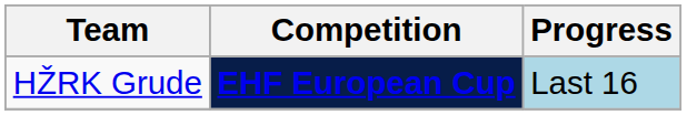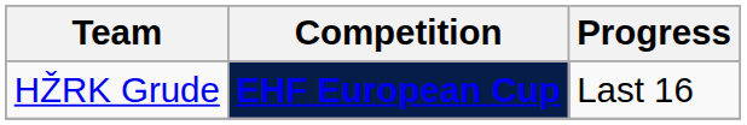 <table class="wikitable sortable">
 <tr>
 <th>Team</th>
 <th>Competition</th>
 <th>Progress</th>
 </tr>
 <tr>
 <td><a href='#'>HŽRK Grude</a></td>
 <td style="background-color:#071D49;color:#D0D3D4;text-align:center"><strong><a href='#'><span>EHF European Cup</span></a></strong></td>
-<td style="background: lightblue;">Last 16</td>
+<td>Last 16</td>
 </tr>
 <tr>
 </tr>
 </table>
